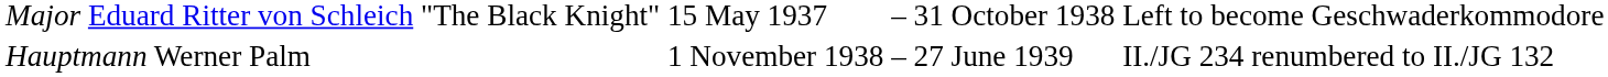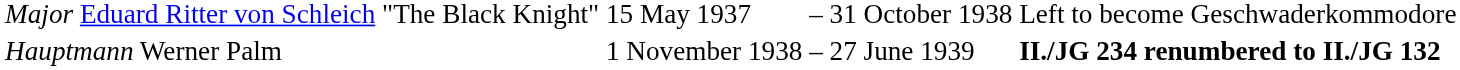 <table>
 <tr>
 <td><em>Major</em> <a href='#'>Eduard Ritter von Schleich</a> "The Black Knight"</td>
 <td>15 May 1937</td>
 <td>–</td>
 <td>31 October 1938</td>
 <td>Left to become Geschwaderkommodore</td>
 </tr>
 <tr>
 <td><em>Hauptmann</em> Werner Palm</td>
 <td>1 November 1938</td>
 <td>–</td>
 <td>27 June 1939</td>
-<td>II./JG 234 renumbered to II./JG 132</td>
+<td><strong>II./JG 234 renumbered to II./JG 132</strong></td>
 </tr>
 </table>
